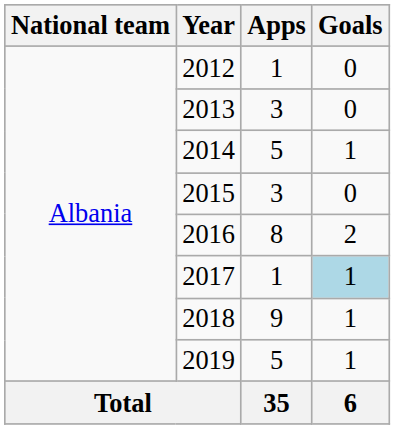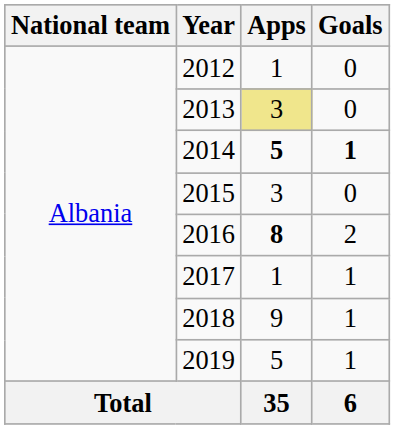 <table class="wikitable" style="text-align:center">
 <tr>
 <th>National team</th>
 <th>Year</th>
 <th>Apps</th>
 <th>Goals</th>
 </tr>
 <tr>
 <td rowspan="8"><a href='#'>Albania</a></td>
 <td>2012</td>
 <td>1</td>
 <td>0</td>
 </tr>
 <tr>
 <td>2013</td>
-<td>3</td>
+<td style="background: khaki;">3</td>
 <td>0</td>
 </tr>
 <tr>
 <td>2014</td>
-<td>5</td>
-<td>1</td>
+<td><strong>5</strong></td>
+<td><strong>1</strong></td>
 </tr>
 <tr>
 <td>2015</td>
 <td>3</td>
 <td>0</td>
 </tr>
 <tr>
 <td>2016</td>
-<td>8</td>
+<td><strong>8</strong></td>
 <td>2</td>
 </tr>
 <tr>
 <td>2017</td>
 <td>1</td>
-<td style="background: lightblue;">1</td>
+<td>1</td>
 </tr>
 <tr>
 <td>2018</td>
 <td>9</td>
 <td>1</td>
 </tr>
 <tr>
 <td>2019</td>
 <td>5</td>
 <td>1</td>
 </tr>
 <tr>
 <th colspan="2">Total</th>
 <th>35</th>
 <th>6</th>
 </tr>
 </table>
